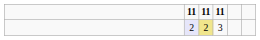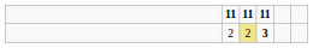 <table class="wikitable">
 <tr>
 <td style="width:18em"></td>
 <td align=center style="width:1em"><strong>11</strong></td>
 <td align=center style="width:1em"><strong>11</strong></td>
 <td align=center style="width:1em"><strong>11</strong></td>
 <td align=center style="width:1em"></td>
 <td align=center style="width:1em"></td>
 </tr>
 <tr>
 <td style="width:18em"></td>
-<td align=center style="background: lavender; width:1em">2</td>
+<td align=center style="width:1em">2</td>
 <td align=center style="background: khaki; width:1em">2</td>
-<td align=center style="width:1em">3</td>
+<td align=center style="width:1em"><strong>3</strong></td>
 <td align=center style="width:1em"></td>
 <td align=center style="width:1em"></td>
 </tr>
 </table>
